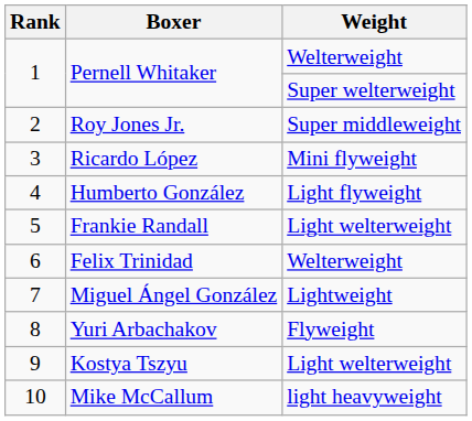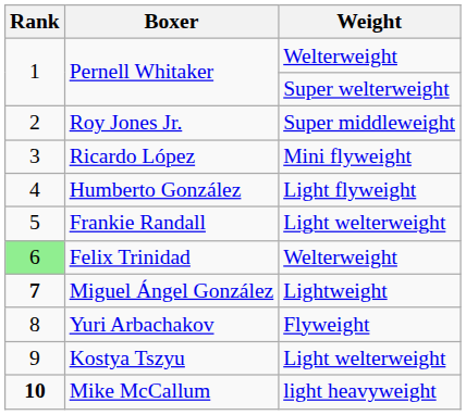 <table class="wikitable ">
 <tr>
 <th>Rank</th>
 <th>Boxer</th>
 <th>Weight</th>
 </tr>
 <tr>
 <td rowspan=2 align=center>1</td>
 <td rowspan=2><a href='#'>Pernell Whitaker</a></td>
 <td><a href='#'>Welterweight</a></td>
 </tr>
 <tr>
 <td><a href='#'>Super welterweight</a></td>
 </tr>
 <tr>
 <td align=center>2</td>
 <td><a href='#'>Roy Jones Jr.</a></td>
 <td><a href='#'>Super middleweight</a></td>
 </tr>
 <tr>
 <td align=center>3</td>
 <td><a href='#'>Ricardo López</a></td>
 <td><a href='#'>Mini flyweight</a></td>
 </tr>
 <tr>
 <td align=center>4</td>
 <td><a href='#'>Humberto González</a></td>
 <td><a href='#'>Light flyweight</a></td>
 </tr>
 <tr>
 <td align=center>5</td>
 <td><a href='#'>Frankie Randall</a></td>
 <td><a href='#'>Light welterweight</a></td>
 </tr>
 <tr>
-<td align=center>6</td>
+<td align=center style="background: lightgreen;">6</td>
 <td><a href='#'>Felix Trinidad</a></td>
 <td><a href='#'>Welterweight</a></td>
 </tr>
 <tr>
-<td align=center>7</td>
+<td align=center><strong>7</strong></td>
 <td><a href='#'>Miguel Ángel González</a></td>
 <td><a href='#'>Lightweight</a></td>
 </tr>
 <tr>
 <td align=center>8</td>
 <td><a href='#'>Yuri Arbachakov</a></td>
 <td><a href='#'>Flyweight</a></td>
 </tr>
 <tr>
 <td align=center>9</td>
 <td><a href='#'>Kostya Tszyu</a></td>
 <td><a href='#'>Light welterweight</a></td>
 </tr>
 <tr>
-<td align=center>10</td>
+<td align=center><strong>10</strong></td>
 <td><a href='#'>Mike McCallum</a></td>
 <td><a href='#'>light heavyweight</a></td>
 </tr>
 </table>
